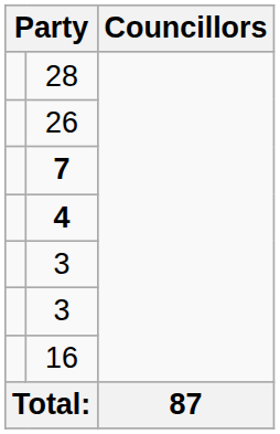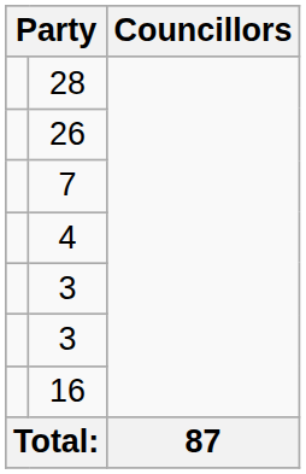 <table class="wikitable">
 <tr>
 <th colspan="2">Party</th>
 <th>Councillors</th>
 </tr>
 <tr>
 <td></td>
 <td align=center>28</td>
 </tr>
 <tr>
 <td></td>
 <td align=center>26</td>
 </tr>
 <tr>
 <td></td>
-<td align=center><strong>7</strong></td>
+<td align=center>7</td>
 </tr>
 <tr>
 <td></td>
-<td align=center><strong>4</strong></td>
+<td align=center>4</td>
 </tr>
 <tr>
 <td></td>
 <td align=center>3</td>
 </tr>
 <tr>
 <td></td>
 <td align=center>3</td>
 </tr>
 <tr>
 <td></td>
 <td align=center>16</td>
 </tr>
 <tr>
 <th colspan="2">Total:</th>
 <th>87</th>
 </tr>
 </table>
